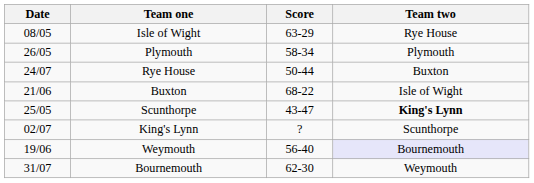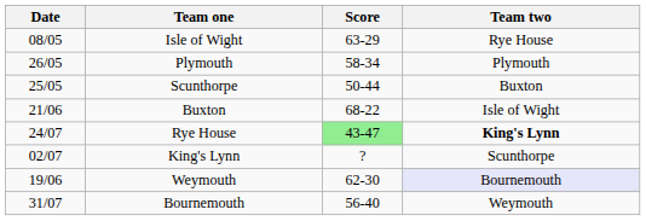 <table class="wikitable" style="text-align: center">
 <tr>
 <th width=80>Date</th>
 <th width=250>Team one</th>
 <th width=80>Score</th>
 <th width=250>Team two</th>
 </tr>
 <tr>
 <td>08/05</td>
 <td>Isle of Wight</td>
 <td>63-29</td>
 <td>Rye House</td>
 </tr>
 <tr>
 <td>26/05</td>
 <td>Plymouth</td>
 <td>58-34</td>
 <td>Plymouth</td>
 </tr>
 <tr>
-<td>24/07</td>
-<td>Rye House</td>
+<td>25/05</td>
+<td>Scunthorpe</td>
 <td>50-44</td>
 <td>Buxton</td>
 </tr>
 <tr>
 <td>21/06</td>
 <td>Buxton</td>
 <td>68-22</td>
 <td>Isle of Wight</td>
 </tr>
 <tr>
-<td>25/05</td>
-<td>Scunthorpe</td>
-<td>43-47</td>
+<td>24/07</td>
+<td>Rye House</td>
+<td style="background: lightgreen;">43-47</td>
 <td><strong>King's Lynn</strong></td>
 </tr>
 <tr>
 <td>02/07</td>
 <td>King's Lynn</td>
 <td>?</td>
 <td>Scunthorpe</td>
 </tr>
 <tr>
 <td>19/06</td>
 <td>Weymouth</td>
-<td>56-40</td>
+<td>62-30</td>
 <td style="background: lavender;">Bournemouth</td>
 </tr>
 <tr>
 <td>31/07</td>
 <td>Bournemouth</td>
-<td>62-30</td>
+<td>56-40</td>
 <td>Weymouth</td>
 </tr>
 </table>
